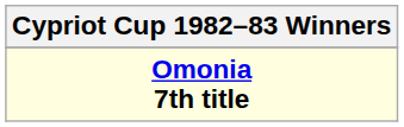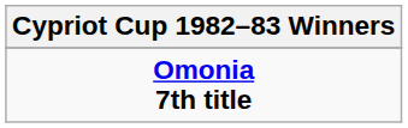 <table class="wikitable" style="text-align:center;margin: 0 auto;">
 <tr>
 <th>Cypriot Cup 1982–83 Winners</th>
 </tr>
 <tr>
 </tr>
 <tr>
-<td style="background: lightyellow;"><strong><a href='#'>Omonia</a></strong><br><strong>7th title</strong></td>
+<td><strong><a href='#'>Omonia</a></strong><br><strong>7th title</strong></td>
 </tr>
 </table>
